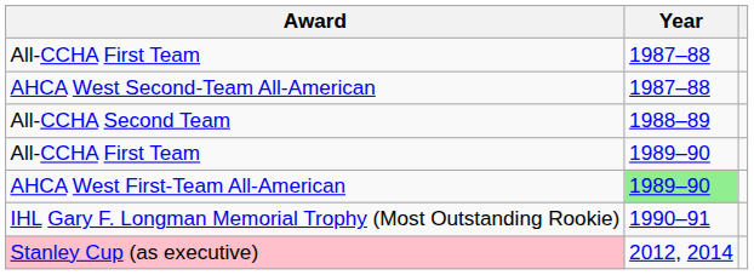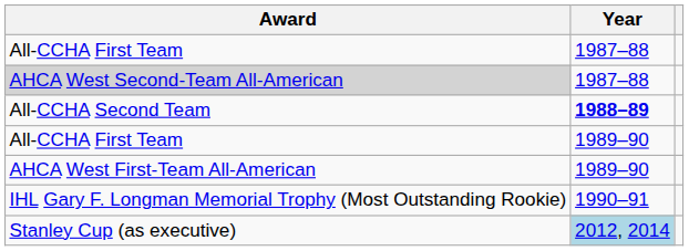 <table class="wikitable">
 <tr>
 <th>Award</th>
 <th>Year</th>
 <th></th>
 </tr>
 <tr>
 <td>All-<a href='#'>CCHA</a> <a href='#'>First Team</a></td>
 <td><a href='#'>1987–88</a></td>
 <td></td>
 </tr>
 <tr>
-<td><a href='#'>AHCA</a> <a href='#'>West Second-Team All-American</a></td>
+<td style="background: lightgrey;"><a href='#'>AHCA</a> <a href='#'>West Second-Team All-American</a></td>
 <td><a href='#'>1987–88</a></td>
 <td></td>
 </tr>
 <tr>
 <td>All-<a href='#'>CCHA</a> <a href='#'>Second Team</a></td>
-<td><a href='#'>1988–89</a></td>
+<td><strong><a href='#'>1988–89</a></strong></td>
 <td></td>
 </tr>
 <tr>
 <td>All-<a href='#'>CCHA</a> <a href='#'>First Team</a></td>
 <td><a href='#'>1989–90</a></td>
 <td></td>
 </tr>
 <tr>
 <td><a href='#'>AHCA</a> <a href='#'>West First-Team All-American</a></td>
-<td style="background: lightgreen;"><a href='#'>1989–90</a></td>
+<td><a href='#'>1989–90</a></td>
 <td></td>
 </tr>
 <tr>
 <td><a href='#'>IHL</a> <a href='#'>Gary F. Longman Memorial Trophy</a> (Most Outstanding Rookie)</td>
 <td><a href='#'>1990–91</a></td>
 <td></td>
 </tr>
 <tr>
-<td style="background: pink;"><a href='#'>Stanley Cup</a> (as executive)</td>
-<td><a href='#'>2012</a>, <a href='#'>2014</a></td>
+<td><a href='#'>Stanley Cup</a> (as executive)</td>
+<td style="background: lightblue;"><a href='#'>2012</a>, <a href='#'>2014</a></td>
 <td></td>
 </tr>
 </table>
